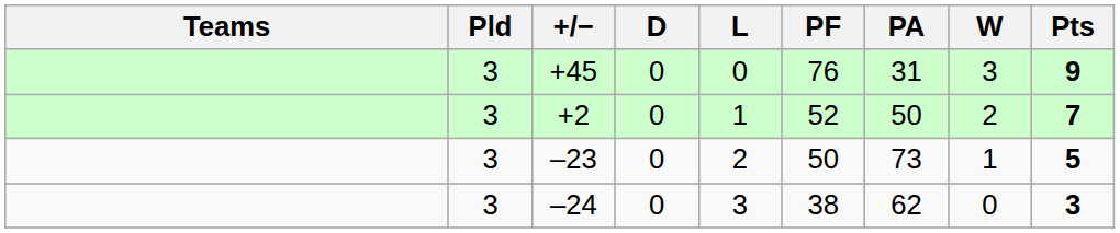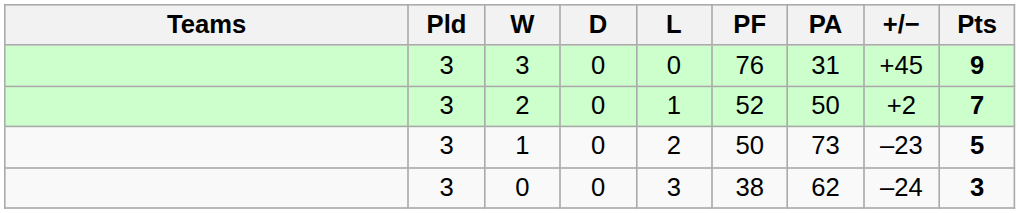 <table class="wikitable" style="text-align: center;">
 <tr>
 <th width="245">Teams</th>
 <th width="40">Pld</th>
-<th width="40">+/−</th>
+<th width="40">W</th>
 <th width="40">D</th>
 <th width="40">L</th>
 <th width="40">PF</th>
 <th width="40">PA</th>
-<th width="40">W</th>
+<th width="40">+/−</th>
 <th width="40">Pts</th>
 </tr>
 <tr bgcolor=ccffcc>
 <td align=left></td>
 <td>3</td>
-<td>+45</td>
+<td>3</td>
 <td>0</td>
 <td>0</td>
 <td>76</td>
 <td>31</td>
-<td>3</td>
+<td>+45</td>
 <td><strong>9</strong></td>
 </tr>
 <tr bgcolor=ccffcc>
 <td align=left></td>
 <td>3</td>
-<td>+2</td>
+<td>2</td>
 <td>0</td>
 <td>1</td>
 <td>52</td>
 <td>50</td>
-<td>2</td>
+<td>+2</td>
 <td><strong>7</strong></td>
 </tr>
 <tr>
 <td align=left></td>
 <td>3</td>
-<td>–23</td>
+<td>1</td>
 <td>0</td>
 <td>2</td>
 <td>50</td>
 <td>73</td>
-<td>1</td>
+<td>–23</td>
 <td><strong>5</strong></td>
 </tr>
 <tr>
 <td align=left></td>
 <td>3</td>
-<td>–24</td>
+<td>0</td>
 <td>0</td>
 <td>3</td>
 <td>38</td>
 <td>62</td>
-<td>0</td>
+<td>–24</td>
 <td><strong>3</strong></td>
 </tr>
 </table>
